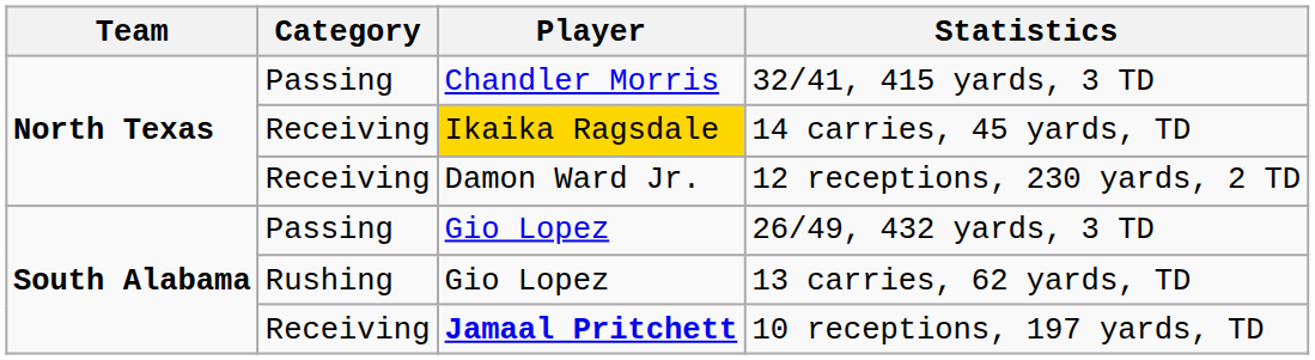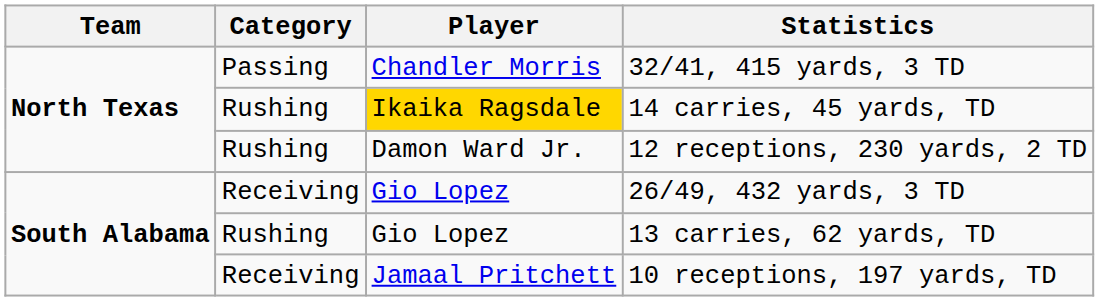 <table class="wikitable" style="float: right;">
 <tr>
 <th>Team</th>
 <th>Category</th>
 <th>Player</th>
 <th>Statistics</th>
 </tr>
 <tr>
 <td rowspan=3><strong>North Texas</strong></td>
 <td>Passing</td>
 <td><a href='#'>Chandler Morris</a></td>
 <td>32/41, 415 yards, 3 TD</td>
 </tr>
 <tr>
-<td>Receiving</td>
+<td>Rushing</td>
 <td style="background: gold;">Ikaika Ragsdale</td>
 <td>14 carries, 45 yards, TD</td>
 </tr>
 <tr>
-<td>Receiving</td>
+<td>Rushing</td>
 <td>Damon Ward Jr.</td>
 <td>12 receptions, 230 yards, 2 TD</td>
 </tr>
 <tr>
 <td rowspan=3><strong>South Alabama</strong></td>
-<td>Passing</td>
+<td>Receiving</td>
 <td><a href='#'>Gio Lopez</a></td>
 <td>26/49, 432 yards, 3 TD</td>
 </tr>
 <tr>
 <td>Rushing</td>
 <td>Gio Lopez</td>
 <td>13 carries, 62 yards, TD</td>
 </tr>
 <tr>
 <td>Receiving</td>
-<td><strong><a href='#'>Jamaal Pritchett</a></strong></td>
+<td><a href='#'>Jamaal Pritchett</a></td>
 <td>10 receptions, 197 yards, TD</td>
 </tr>
 </table>
